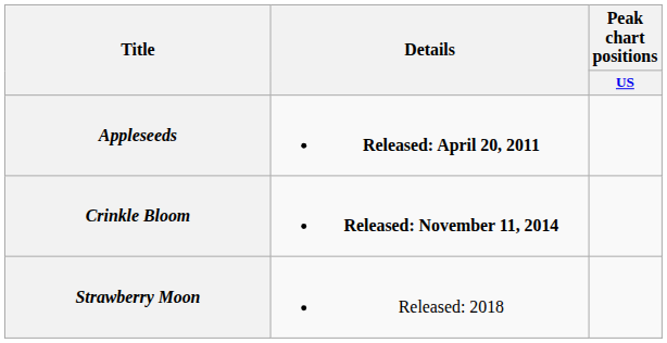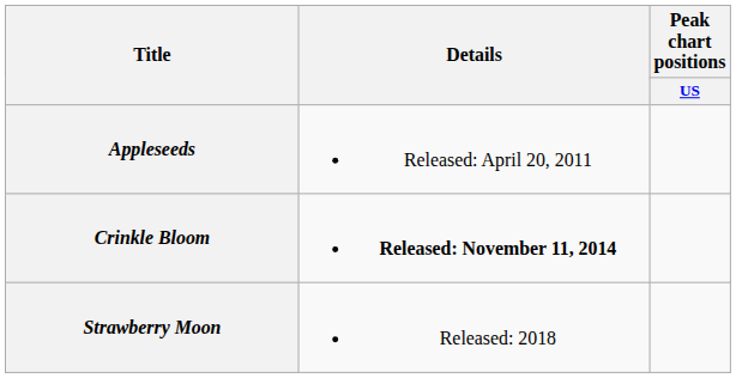 <table class="wikitable plainrowheaders" style="text-align:center;">
 <tr>
 <th rowspan="2" style="width:15em;">Title</th>
 <th rowspan="2" style="width:18em;">Details</th>
 <th colspan="2">Peak chart<br>positions</th>
 </tr>
 <tr style="font-size:smaller">
 <th width="45"><a href='#'>US</a><br></th>
 </tr>
 <tr>
 <th scope="row"><em>Appleseeds</em></th>
-<td><strong><br><ul><li>Released: April 20, 2011</li></ul></strong></td>
+<td><br><ul><li>Released: April 20, 2011</li></ul></td>
 <td></td>
 </tr>
 <tr>
 <th scope="row"><em>Crinkle Bloom</em></th>
 <td><strong><br><ul><li>Released: November 11, 2014</li></ul></strong></td>
 <td></td>
 </tr>
 <tr>
 <th scope="row"><em>Strawberry Moon</em></th>
 <td><br><ul><li>Released: 2018</li></ul></td>
 <td></td>
 </tr>
 </table>
